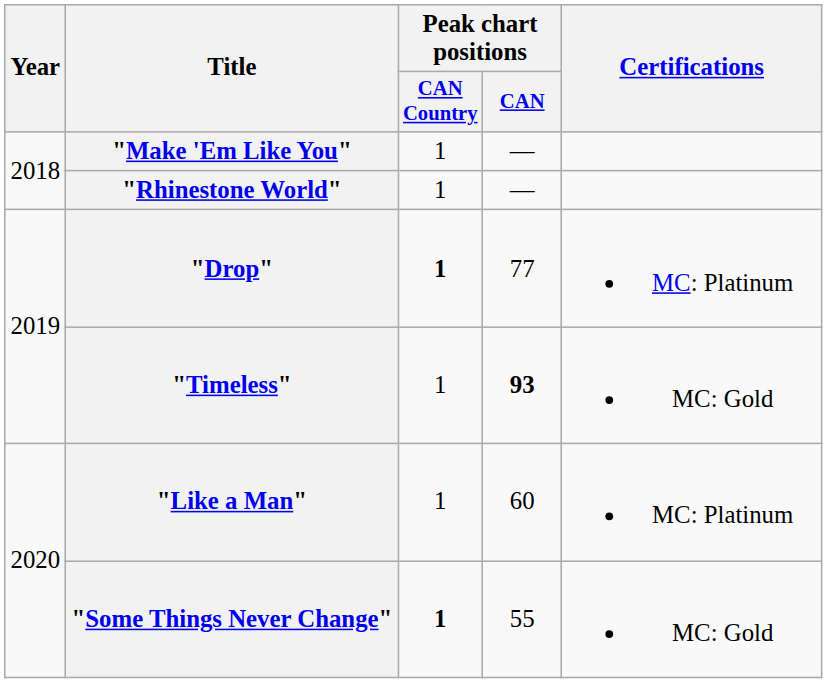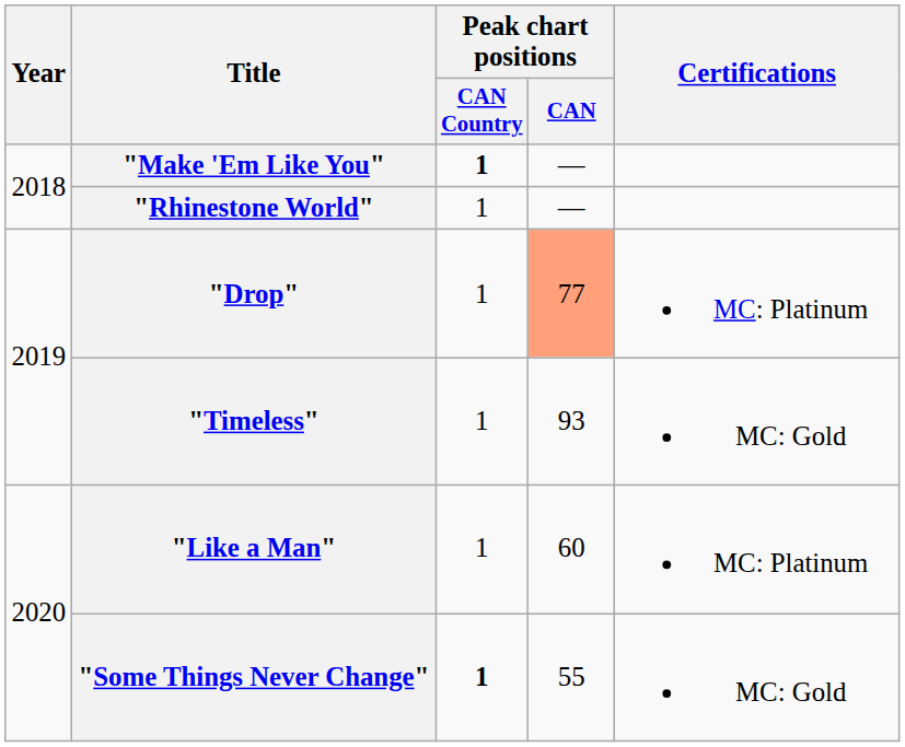 <table class="wikitable plainrowheaders" style="text-align:center;">
 <tr>
 <th rowspan="2">Year</th>
 <th rowspan="2">Title</th>
 <th colspan="2">Peak chart<br>positions</th>
 <th rowspan="2" style="width:10em;"><a href='#'>Certifications</a></th>
 </tr>
 <tr style="font-size:smaller;">
 <th width="45"><a href='#'>CAN Country</a><br></th>
 <th width="45"><a href='#'>CAN</a><br></th>
 </tr>
 <tr>
 <td rowspan="2">2018</td>
 <th scope="row">"<a href='#'>Make 'Em Like You</a>"</th>
-<td>1</td>
+<td><strong>1</strong></td>
 <td>—</td>
 <td></td>
 </tr>
 <tr>
 <th scope="row">"<a href='#'>Rhinestone World</a>"</th>
 <td>1</td>
 <td>—</td>
 <td></td>
 </tr>
 <tr>
 <td rowspan="2">2019</td>
 <th scope="row">"<a href='#'>Drop</a>"</th>
-<td><strong>1</strong></td>
-<td>77</td>
+<td>1</td>
+<td style="background: lightsalmon;">77</td>
 <td><br><ul><li><a href='#'>MC</a>: Platinum</li></ul></td>
 </tr>
 <tr>
 <th scope="row">"<a href='#'>Timeless</a>"</th>
 <td>1</td>
-<td><strong>93</strong></td>
+<td>93</td>
 <td><br><ul><li>MC: Gold</li></ul></td>
 </tr>
 <tr>
 <td rowspan="2">2020</td>
 <th scope="row">"<a href='#'>Like a Man</a>"</th>
 <td>1</td>
 <td>60</td>
 <td><br><ul><li>MC: Platinum</li></ul></td>
 </tr>
 <tr>
 <th scope="row">"<a href='#'>Some Things Never Change</a>"<br></th>
 <td><strong>1</strong></td>
 <td>55</td>
 <td><br><ul><li>MC: Gold</li></ul></td>
 </tr>
 </table>
